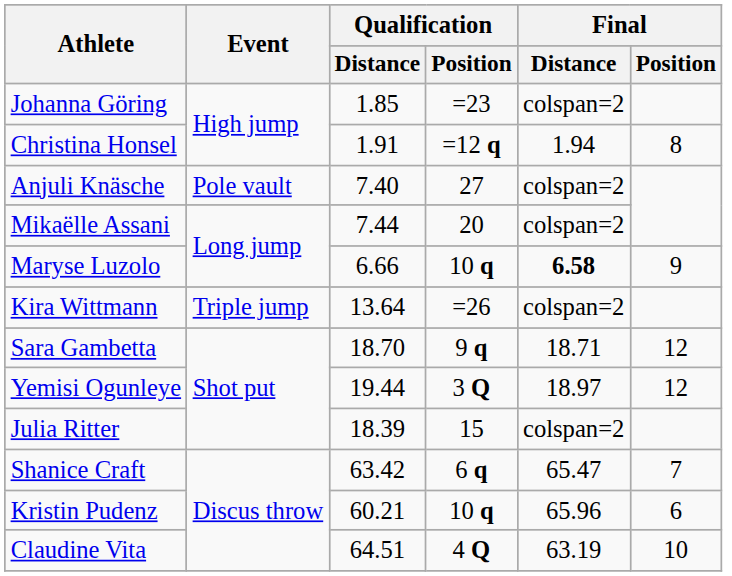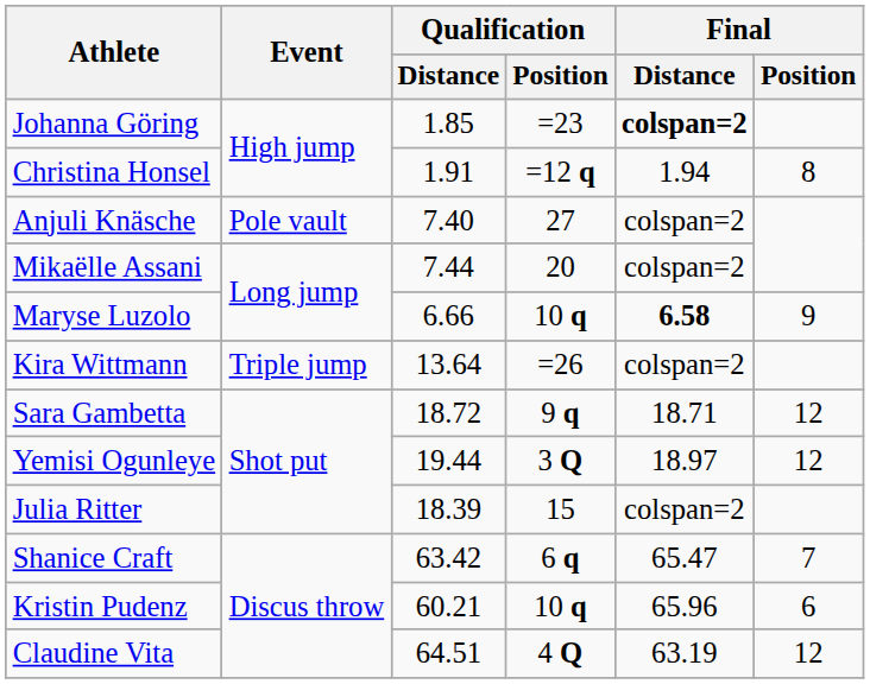 <table class=wikitable style=font-size:90%>
 <tr>
 <th rowspan=2>Athlete</th>
 <th rowspan=2>Event</th>
 <th colspan=2>Qualification</th>
 <th colspan=2>Final</th>
 </tr>
 <tr style=font-size:95%>
 <th>Distance</th>
 <th>Position</th>
 <th>Distance</th>
 <th>Position</th>
 </tr>
 <tr align=center>
 <td align=left><a href='#'>Johanna Göring</a></td>
 <td align=left rowspan=2><a href='#'>High jump</a></td>
 <td>1.85</td>
 <td>=23</td>
-<td>colspan=2 </td>
+<td><strong>colspan=2 </strong></td>
 </tr>
 <tr align=center>
 <td align=left><a href='#'>Christina Honsel</a></td>
 <td>1.91</td>
 <td>=12 <strong>q</strong></td>
 <td>1.94</td>
 <td>8</td>
 </tr>
 <tr align=center>
 <td align=left><a href='#'>Anjuli Knäsche</a></td>
 <td align=left><a href='#'>Pole vault</a></td>
 <td>7.40</td>
 <td>27</td>
 <td>colspan=2 </td>
 </tr>
 <tr align=center>
 <td align=left><a href='#'>Mikaëlle Assani</a></td>
 <td align=left rowspan=2><a href='#'>Long jump</a></td>
 <td>7.44</td>
 <td>20</td>
 <td>colspan=2 </td>
 </tr>
 <tr align=center>
 <td align=left><a href='#'>Maryse Luzolo</a></td>
 <td>6.66</td>
 <td>10 <strong>q</strong></td>
 <td><strong>6.58</strong></td>
 <td>9</td>
 </tr>
 <tr align=center>
 <td align=left><a href='#'>Kira Wittmann</a></td>
 <td align=left><a href='#'>Triple jump</a></td>
 <td>13.64</td>
 <td>=26</td>
 <td>colspan=2 </td>
 </tr>
 <tr align=center>
 <td align=left><a href='#'>Sara Gambetta</a></td>
 <td align=left rowspan=3><a href='#'>Shot put</a></td>
-<td>18.70</td>
+<td>18.72</td>
 <td>9 <strong>q</strong></td>
 <td>18.71</td>
 <td>12</td>
 </tr>
 <tr align=center>
 <td align=left><a href='#'>Yemisi Ogunleye</a></td>
 <td>19.44 </td>
 <td>3 <strong>Q</strong></td>
 <td>18.97</td>
 <td>12</td>
 </tr>
 <tr align=center>
 <td align=left><a href='#'>Julia Ritter</a></td>
 <td>18.39 </td>
 <td>15</td>
 <td>colspan=2 </td>
 </tr>
 <tr align=center>
 <td align=left><a href='#'>Shanice Craft</a></td>
 <td align=left rowspan=3><a href='#'>Discus throw</a></td>
 <td>63.42</td>
 <td>6 <strong>q</strong></td>
 <td>65.47</td>
 <td>7</td>
 </tr>
 <tr align=center>
 <td align=left><a href='#'>Kristin Pudenz</a></td>
 <td>60.21</td>
 <td>10 <strong>q</strong></td>
 <td>65.96</td>
 <td>6</td>
 </tr>
 <tr align=center>
 <td align=left><a href='#'>Claudine Vita</a></td>
 <td>64.51</td>
 <td>4 <strong>Q</strong></td>
 <td>63.19</td>
-<td>10</td>
+<td>12</td>
 </tr>
 </table>
